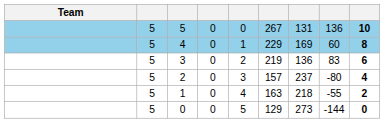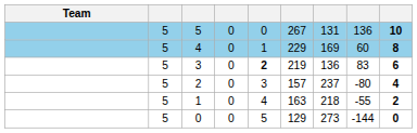 <table class=wikitable style="text-align:center">
 <tr>
 <th width=200>Team</th>
 <th width=40></th>
 <th width=40></th>
 <th width=40></th>
 <th width=40></th>
 <th width=40></th>
 <th width=40></th>
 <th width=40></th>
 <th width=40></th>
 </tr>
 <tr style="background:#93d0ea">
 <td align=left></td>
 <td>5</td>
 <td>5</td>
 <td>0</td>
 <td>0</td>
 <td>267</td>
 <td>131</td>
 <td>136</td>
 <td><strong>10</strong></td>
 </tr>
 <tr style="background:#93d0ea">
 <td align=left></td>
 <td>5</td>
 <td>4</td>
 <td>0</td>
 <td>1</td>
 <td>229</td>
 <td>169</td>
 <td>60</td>
 <td><strong>8</strong></td>
 </tr>
 <tr style="background:white;">
 <td align=left></td>
 <td>5</td>
 <td>3</td>
 <td>0</td>
-<td>2</td>
+<td><strong>2</strong></td>
 <td>219</td>
 <td>136</td>
 <td>83</td>
 <td><strong>6</strong></td>
 </tr>
 <tr style="background:white;">
 <td align=left></td>
 <td>5</td>
 <td>2</td>
 <td>0</td>
 <td>3</td>
 <td>157</td>
 <td>237</td>
 <td>-80</td>
 <td><strong>4</strong></td>
 </tr>
 <tr style="background:white;">
 <td align=left></td>
 <td>5</td>
 <td>1</td>
 <td>0</td>
 <td>4</td>
 <td>163</td>
 <td>218</td>
 <td>-55</td>
 <td><strong>2</strong></td>
 </tr>
 <tr style="background:white;">
 <td align=left></td>
 <td>5</td>
 <td>0</td>
 <td>0</td>
 <td>5</td>
 <td>129</td>
 <td>273</td>
 <td>-144</td>
 <td><strong>0</strong></td>
 </tr>
 </table>
